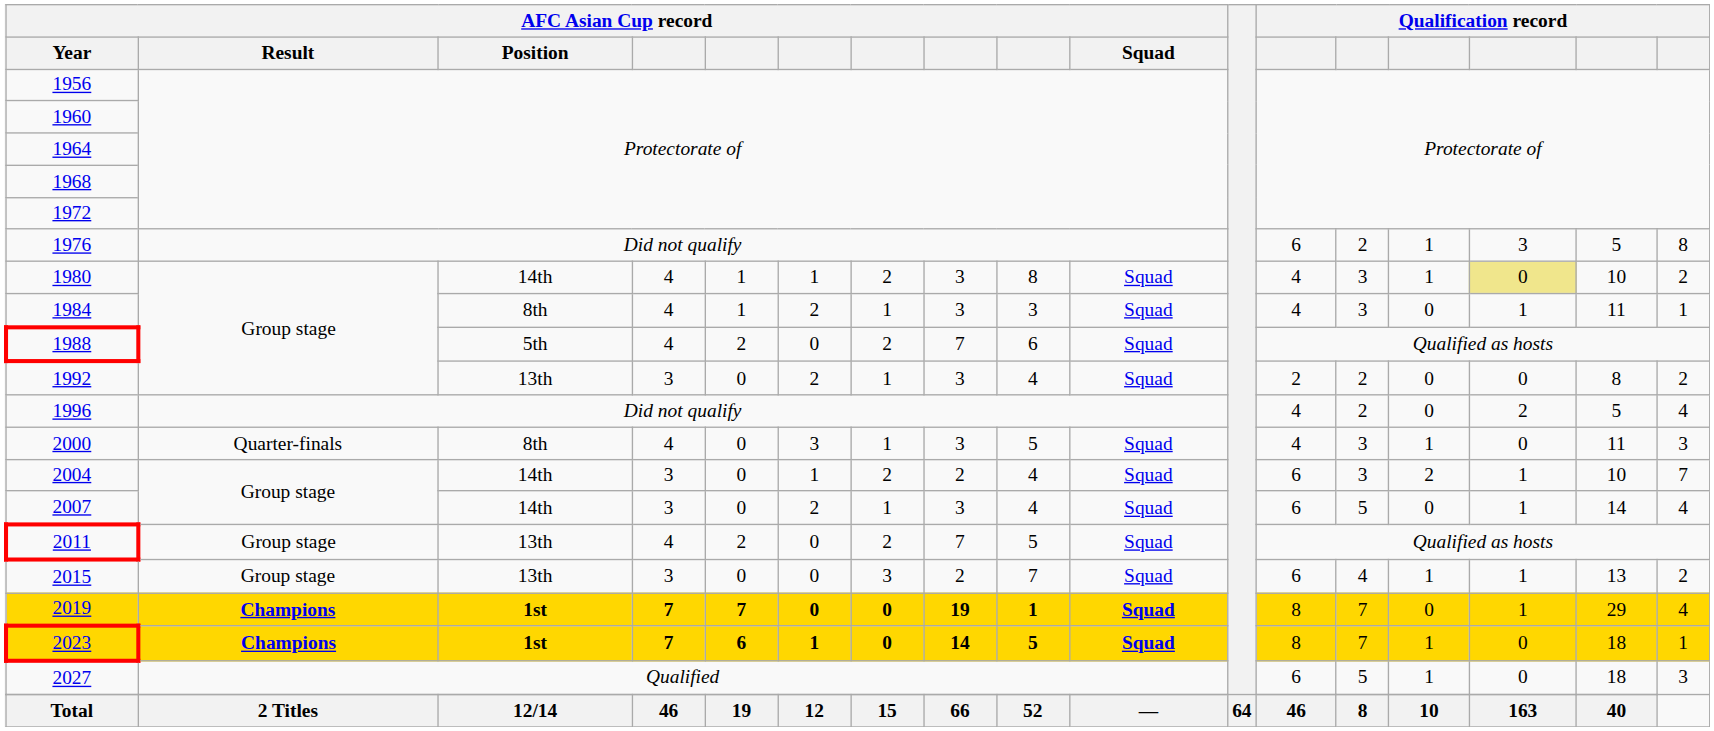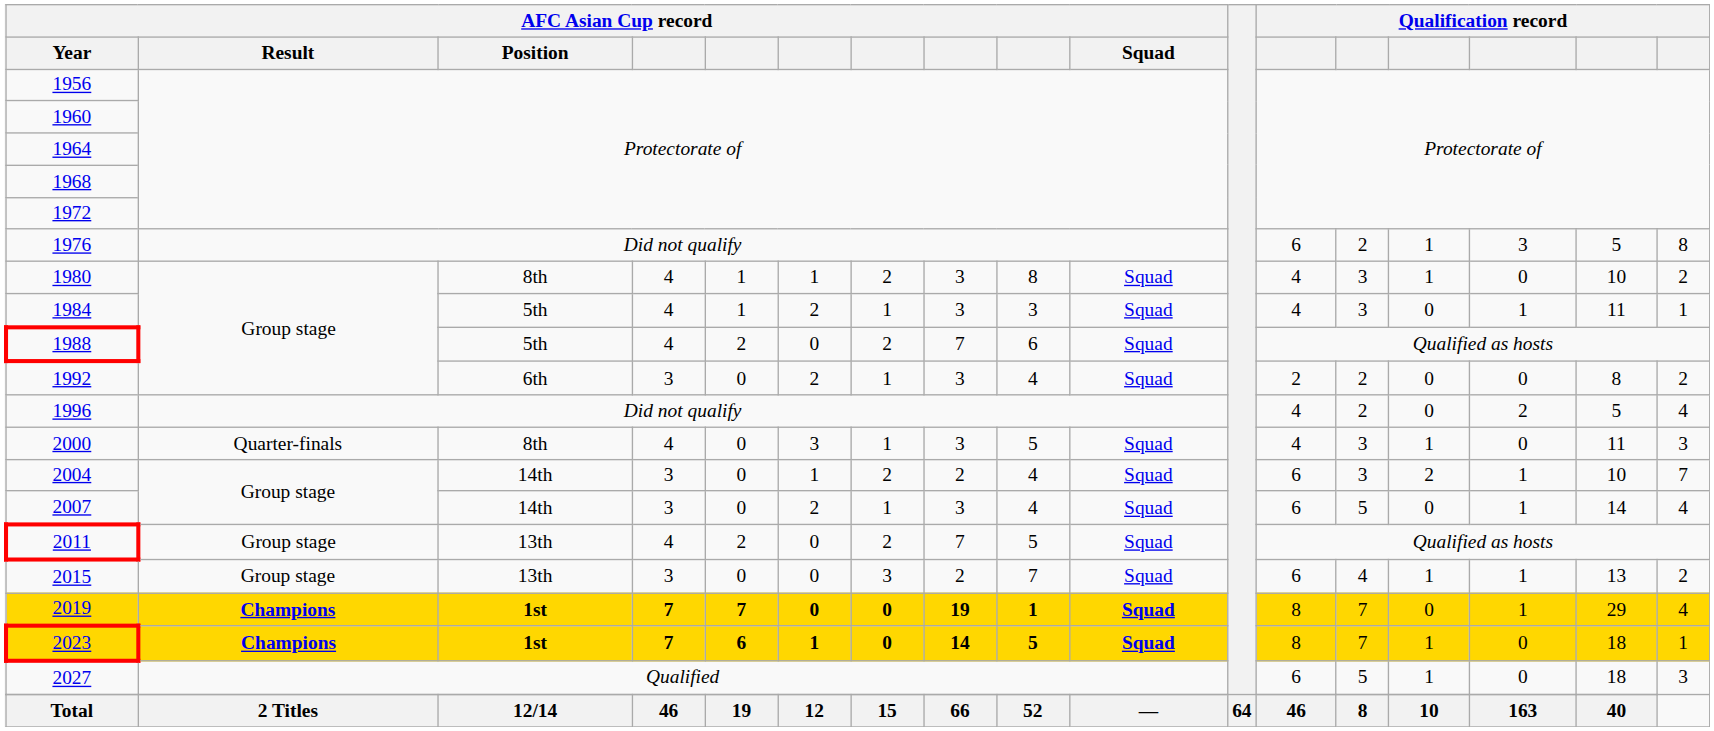 <table class="wikitable" class="wikitable" style="font-size:90%; text-align:center; width:100%">
 <tr>
 <th colspan=10><a href='#'>AFC Asian Cup</a> record</th>
 <th style="width:1%;" rowspan=22></th>
 <th colspan=7><a href='#'>Qualification</a> record</th>
 </tr>
 <tr>
 <th>Year</th>
 <th>Result</th>
 <th>Position</th>
 <th></th>
 <th></th>
 <th></th>
 <th></th>
 <th></th>
 <th></th>
 <th>Squad</th>
 <th></th>
 <th></th>
 <th></th>
 <th></th>
 <th></th>
 <th></th>
 </tr>
 <tr>
 <td> <a href='#'>1956</a></td>
 <td colspan=9 rowspan=5><em>Protectorate of </em></td>
 <td colspan=9 rowspan=5><em>Protectorate  of </em></td>
 </tr>
 <tr>
 <td> <a href='#'>1960</a></td>
 </tr>
 <tr>
 <td> <a href='#'>1964</a></td>
 </tr>
 <tr>
 <td> <a href='#'>1968</a></td>
 </tr>
 <tr>
 <td> <a href='#'>1972</a></td>
 </tr>
 <tr>
 <td> <a href='#'>1976</a></td>
 <td colspan=9><em>Did not qualify</em></td>
 <td>6</td>
 <td>2</td>
 <td>1</td>
 <td>3</td>
 <td>5</td>
 <td>8</td>
 </tr>
 <tr>
 <td> <a href='#'>1980</a></td>
 <td rowspan=4>Group stage</td>
-<td>14th</td>
+<td>8th</td>
 <td>4</td>
 <td>1</td>
 <td>1</td>
 <td>2</td>
 <td>3</td>
 <td>8</td>
 <td><a href='#'>Squad</a></td>
 <td>4</td>
 <td>3</td>
 <td>1</td>
-<td style="background: khaki;">0</td>
+<td>0</td>
 <td>10</td>
 <td>2</td>
 </tr>
 <tr>
 <td> <a href='#'>1984</a></td>
-<td>8th</td>
+<td>5th</td>
 <td>4</td>
 <td>1</td>
 <td>2</td>
 <td>1</td>
 <td>3</td>
 <td>3</td>
 <td><a href='#'>Squad</a></td>
 <td>4</td>
 <td>3</td>
 <td>0</td>
 <td>1</td>
 <td>11</td>
 <td>1</td>
 </tr>
 <tr>
 <td style="border: 3px solid red"> <a href='#'>1988</a></td>
 <td>5th</td>
 <td>4</td>
 <td>2</td>
 <td>0</td>
 <td>2</td>
 <td>7</td>
 <td>6</td>
 <td><a href='#'>Squad</a></td>
 <td colspan=6><em>Qualified as hosts</em></td>
 </tr>
 <tr>
 <td> <a href='#'>1992</a></td>
-<td>13th</td>
+<td>6th</td>
 <td>3</td>
 <td>0</td>
 <td>2</td>
 <td>1</td>
 <td>3</td>
 <td>4</td>
 <td><a href='#'>Squad</a></td>
 <td>2</td>
 <td>2</td>
 <td>0</td>
 <td>0</td>
 <td>8</td>
 <td>2</td>
 </tr>
 <tr>
 <td> <a href='#'>1996</a></td>
 <td colspan=9><em>Did not qualify</em></td>
 <td>4</td>
 <td>2</td>
 <td>0</td>
 <td>2</td>
 <td>5</td>
 <td>4</td>
 </tr>
 <tr>
 <td> <a href='#'>2000</a></td>
 <td>Quarter-finals</td>
 <td>8th</td>
 <td>4</td>
 <td>0</td>
 <td>3</td>
 <td>1</td>
 <td>3</td>
 <td>5</td>
 <td><a href='#'>Squad</a></td>
 <td>4</td>
 <td>3</td>
 <td>1</td>
 <td>0</td>
 <td>11</td>
 <td>3</td>
 </tr>
 <tr>
 <td> <a href='#'>2004</a></td>
 <td rowspan=2>Group stage</td>
 <td>14th</td>
 <td>3</td>
 <td>0</td>
 <td>1</td>
 <td>2</td>
 <td>2</td>
 <td>4</td>
 <td><a href='#'>Squad</a></td>
 <td>6</td>
 <td>3</td>
 <td>2</td>
 <td>1</td>
 <td>10</td>
 <td>7</td>
 </tr>
 <tr>
 <td>    <a href='#'>2007</a></td>
 <td>14th</td>
 <td>3</td>
 <td>0</td>
 <td>2</td>
 <td>1</td>
 <td>3</td>
 <td>4</td>
 <td><a href='#'>Squad</a></td>
 <td>6</td>
 <td>5</td>
 <td>0</td>
 <td>1</td>
 <td>14</td>
 <td>4</td>
 </tr>
 <tr>
 <td style="border: 3px solid red"> <a href='#'>2011</a></td>
 <td>Group stage</td>
 <td>13th</td>
 <td>4</td>
 <td>2</td>
 <td>0</td>
 <td>2</td>
 <td>7</td>
 <td>5</td>
 <td><a href='#'>Squad</a></td>
 <td colspan=6><em>Qualified as hosts</em></td>
 </tr>
 <tr>
 <td> <a href='#'>2015</a></td>
 <td>Group stage</td>
 <td>13th</td>
 <td>3</td>
 <td>0</td>
 <td>0</td>
 <td>3</td>
 <td>2</td>
 <td>7</td>
 <td><a href='#'>Squad</a></td>
 <td>6</td>
 <td>4</td>
 <td>1</td>
 <td>1</td>
 <td>13</td>
 <td>2</td>
 </tr>
 <tr style="background:gold;">
 <td> <a href='#'>2019</a></td>
 <td><strong><a href='#'>Champions</a></strong></td>
 <td><strong>1st</strong></td>
 <td><strong>7</strong></td>
 <td><strong>7</strong></td>
 <td><strong>0</strong></td>
 <td><strong>0</strong></td>
 <td><strong>19</strong></td>
 <td><strong>1</strong></td>
 <td><strong><a href='#'>Squad</a></strong></td>
 <td>8</td>
 <td>7</td>
 <td>0</td>
 <td>1</td>
 <td>29</td>
 <td>4</td>
 </tr>
 <tr style="background:gold">
 <td style="border: 3px solid red"> <a href='#'>2023</a></td>
 <td><strong><a href='#'>Champions</a></strong></td>
 <td><strong>1st</strong></td>
 <td><strong>7</strong></td>
 <td><strong>6</strong></td>
 <td><strong>1</strong></td>
 <td><strong>0</strong></td>
 <td><strong>14</strong></td>
 <td><strong>5</strong></td>
 <td><strong><a href='#'>Squad</a></strong></td>
 <td>8</td>
 <td>7</td>
 <td>1</td>
 <td>0</td>
 <td>18</td>
 <td>1</td>
 </tr>
 <tr>
 <td> <a href='#'>2027</a></td>
 <td colspan=9><em>Qualified</em></td>
 <td>6</td>
 <td>5</td>
 <td>1</td>
 <td>0</td>
 <td>18</td>
 <td>3</td>
 </tr>
 <tr>
 </tr>
 <tr>
 <th>Total</th>
 <th>2 Titles</th>
 <th>12/14</th>
 <th>46</th>
 <th>19</th>
 <th>12</th>
 <th>15</th>
 <th>66</th>
 <th>52</th>
 <th>—</th>
 <th>64</th>
 <th>46</th>
 <th>8</th>
 <th>10</th>
 <th>163</th>
 <th>40</th>
 </tr>
 </table>
